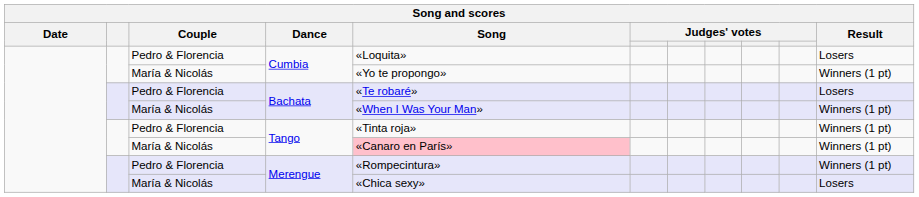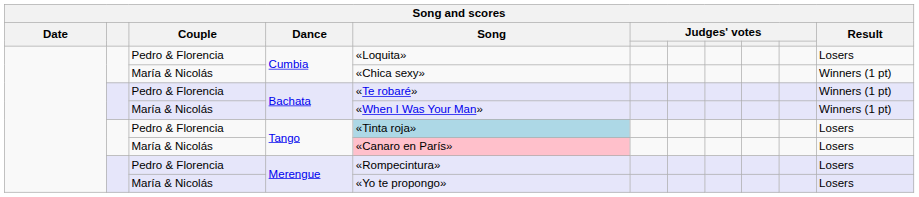 <table class="wikitable collapsible collapsed" style=" text-align: align; width: 100%;">
 <tr>
 <th colspan="11" style="with: 100%;" align="center">Song and scores</th>
 </tr>
 <tr>
 <th width=95 rowspan=2>Date</th>
 <th width=15 rowspan=2></th>
 <th width=130 rowspan=2>Couple</th>
 <th width=80 rowspan=2>Dance</th>
 <th width=270 rowspan=2>Song</th>
 <th width=150 colspan=5>Judges' votes</th>
 <th width=90 rowspan=2>Result</th>
 </tr>
 <tr>
 <th width=30></th>
 <th width=30></th>
 <th width=30></th>
 <th width=30></th>
 <th width=30></th>
 </tr>
 <tr>
 <td rowspan="8"></td>
 <td rowspan="2"></td>
 <td>Pedro & Florencia</td>
 <td rowspan="2"><a href='#'>Cumbia</a></td>
 <td>«Loquita» </td>
 <td></td>
 <td></td>
 <td></td>
 <td></td>
 <td></td>
 <td>Losers</td>
 </tr>
 <tr>
 <td>María & Nicolás</td>
-<td>«Yo te propongo» </td>
+<td>«Chica sexy» </td>
 <td></td>
 <td></td>
 <td></td>
 <td></td>
 <td></td>
 <td>Winners (1 pt)</td>
 </tr>
 <tr style="background:lavender;">
 <td rowspan="2"></td>
 <td>Pedro & Florencia</td>
 <td rowspan="2"><a href='#'>Bachata</a></td>
 <td>«<a href='#'>Te robaré</a>» </td>
 <td></td>
 <td></td>
 <td></td>
 <td></td>
 <td></td>
-<td>Losers</td>
+<td>Winners (1 pt)</td>
 </tr>
 <tr style="background:lavender;">
 <td>María & Nicolás</td>
 <td>«<a href='#'>When I Was Your Man</a>» </td>
 <td></td>
 <td></td>
 <td></td>
 <td></td>
 <td></td>
 <td>Winners (1 pt)</td>
 </tr>
 <tr>
 <td rowspan="2"></td>
 <td>Pedro & Florencia</td>
 <td rowspan="2"><a href='#'>Tango</a></td>
-<td>«Tinta roja» </td>
+<td style="background: lightblue;">«Tinta roja» </td>
 <td></td>
 <td></td>
 <td></td>
 <td></td>
 <td></td>
-<td>Winners (1 pt)</td>
+<td>Losers</td>
 </tr>
 <tr>
 <td>María & Nicolás</td>
 <td style="background: pink;">«Canaro en París» </td>
 <td></td>
 <td></td>
 <td></td>
 <td></td>
 <td></td>
-<td>Winners (1 pt)</td>
+<td>Losers</td>
 </tr>
 <tr style="background:lavender;">
 <td rowspan="2"></td>
 <td>Pedro & Florencia</td>
 <td rowspan="2"><a href='#'>Merengue</a></td>
 <td>«Rompecintura» </td>
 <td></td>
 <td></td>
 <td></td>
 <td></td>
 <td></td>
-<td>Winners (1 pt)</td>
+<td>Losers</td>
 </tr>
 <tr style="background:lavender;">
 <td>María & Nicolás</td>
-<td>«Chica sexy» </td>
+<td>«Yo te propongo» </td>
 <td></td>
 <td></td>
 <td></td>
 <td></td>
 <td></td>
 <td>Losers</td>
 </tr>
 </table>
